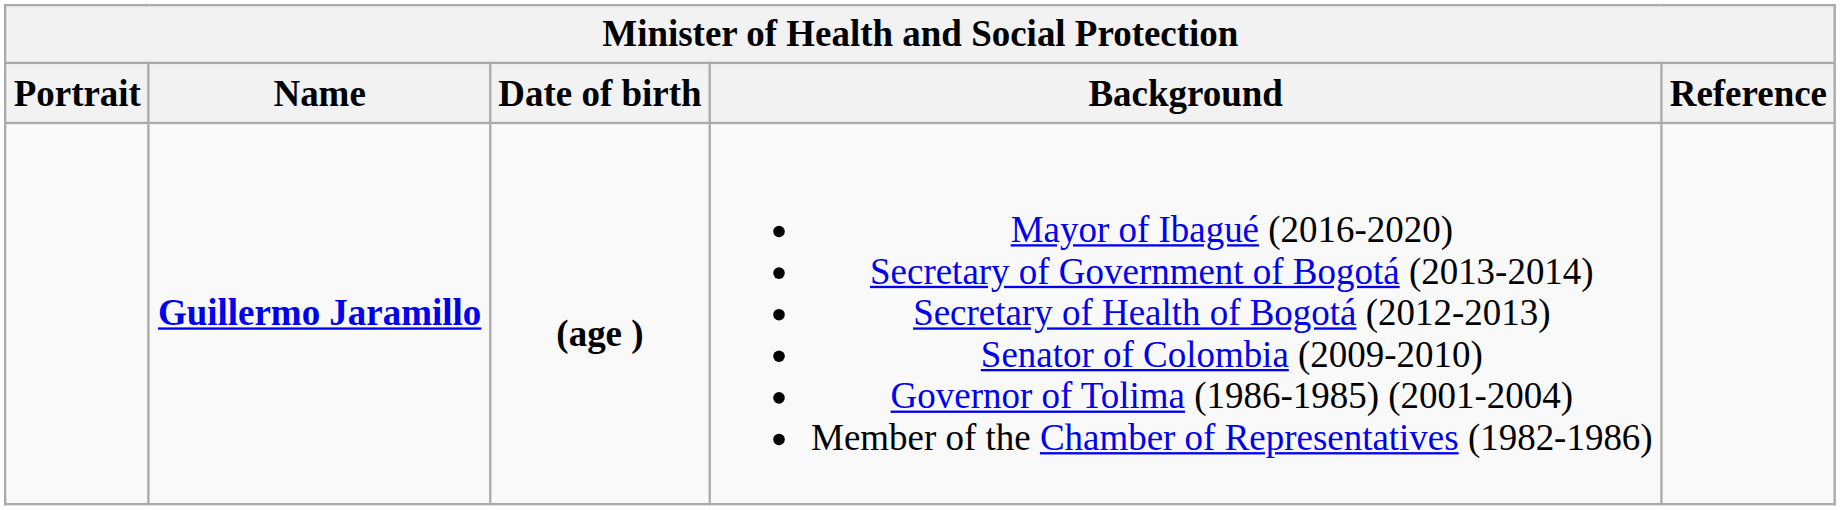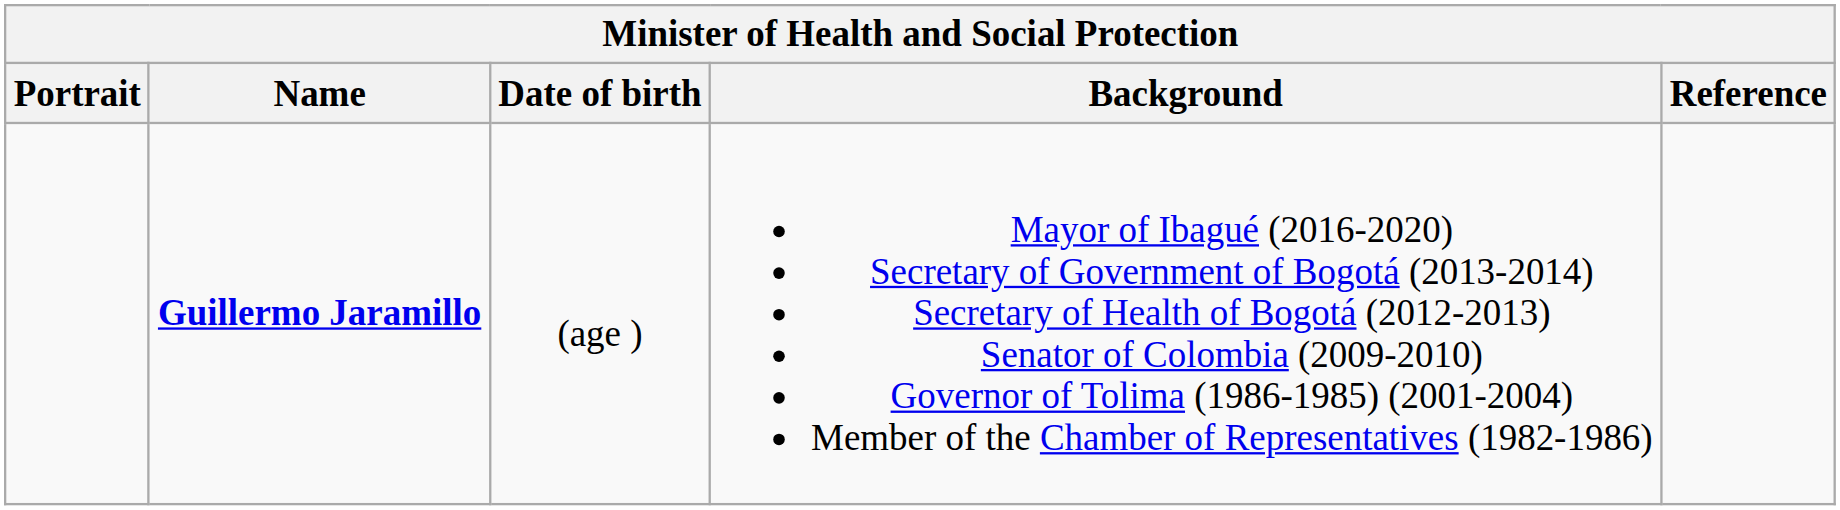 <table class="wikitable collapsible" style="text-align:center;">
 <tr>
 <th colspan="5">Minister of Health and Social Protection</th>
 </tr>
 <tr>
 <th>Portrait</th>
 <th>Name</th>
 <th>Date of birth</th>
 <th>Background</th>
 <th>Reference</th>
 </tr>
 <tr>
 <td></td>
 <td><strong><a href='#'>Guillermo Jaramillo</a></strong></td>
-<td><strong><br>(age )</strong></td>
+<td><br>(age )</td>
 <td><br><ul><li><a href='#'>Mayor of Ibagué</a> (2016-2020)</li><li><a href='#'>Secretary of Government of Bogotá</a> (2013-2014)</li><li><a href='#'>Secretary of Health of Bogotá</a> (2012-2013)</li><li><a href='#'>Senator of Colombia</a> (2009-2010)</li><li><a href='#'>Governor of Tolima</a> (1986-1985) (2001-2004)</li><li>Member of the <a href='#'>Chamber of Representatives</a> (1982-1986)</li></ul></td>
 <td></td>
 </tr>
 </table>
